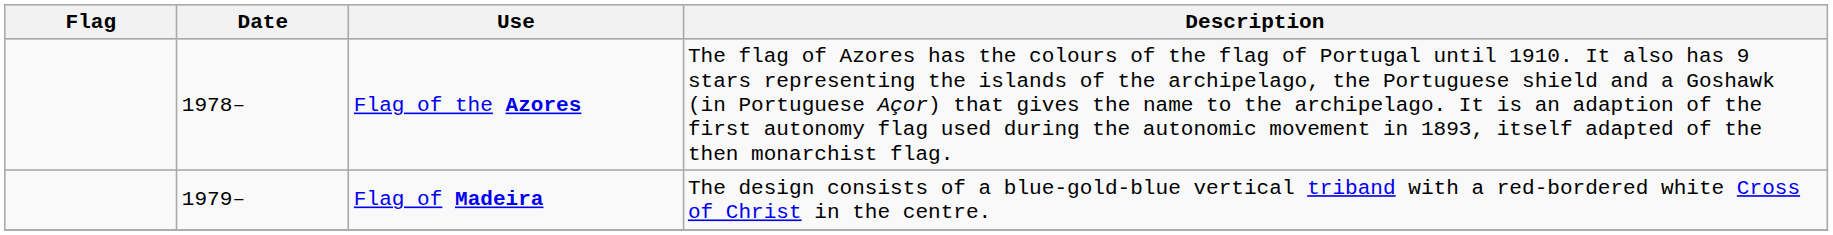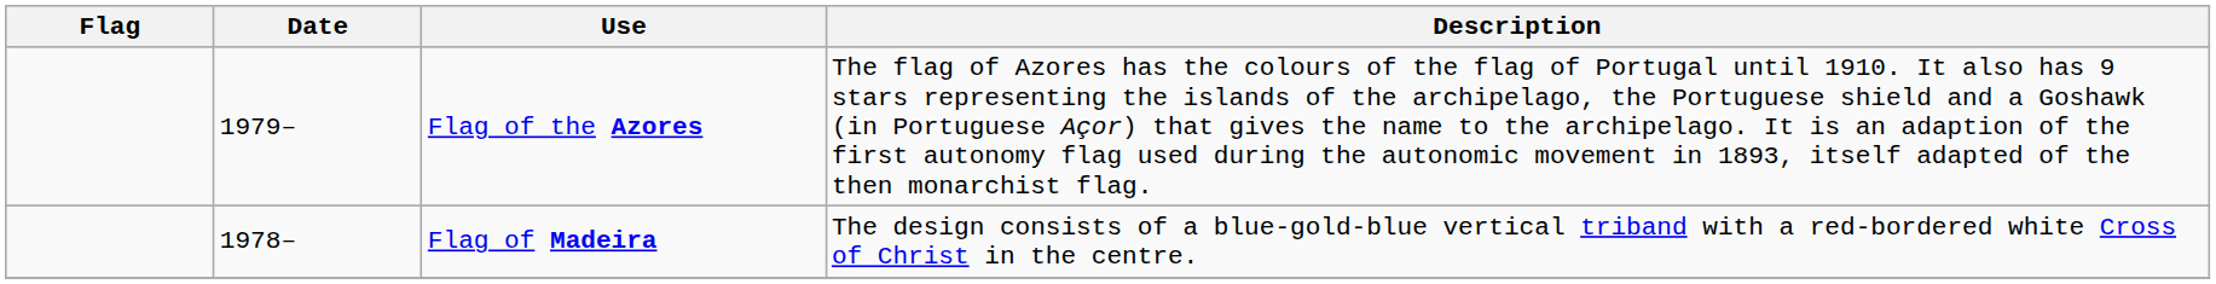 <table class="wikitable sortable">
 <tr>
 <th style="width:100px;">Flag</th>
 <th style="width:100px;">Date</th>
 <th style="width:200px;">Use</th>
 <th style="width:700px;">Description</th>
 </tr>
 <tr>
 <td></td>
-<td>1978–</td>
+<td>1979–</td>
 <td><a href='#'>Flag of the</a> <strong><a href='#'>Azores</a></strong></td>
 <td>The flag of Azores has the colours of the flag of Portugal until 1910. It also has 9 stars representing the islands of the archipelago, the Portuguese shield and a Goshawk (in Portuguese <em>Açor</em>) that gives the name to the archipelago. It is an adaption of the first autonomy flag used during the autonomic movement in 1893, itself adapted of the then monarchist flag.</td>
 </tr>
 <tr>
 <td></td>
-<td>1979–</td>
+<td>1978–</td>
 <td><a href='#'>Flag of</a> <strong><a href='#'>Madeira</a></strong></td>
 <td>The design consists of a blue-gold-blue vertical <a href='#'>triband</a> with a red-bordered white <a href='#'>Cross of Christ</a> in the centre.</td>
 </tr>
 <tr>
 </tr>
 </table>
